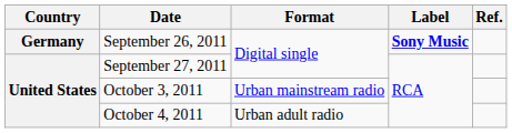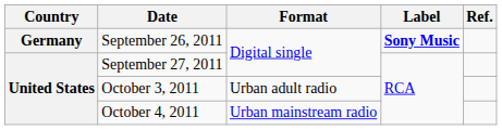 <table class="wikitable plainrowheaders">
 <tr>
 <th scope="col">Country</th>
 <th scope="col">Date</th>
 <th scope="col">Format</th>
 <th scope="col">Label</th>
 <th scope="col">Ref.</th>
 </tr>
 <tr>
 <th scope="row">Germany</th>
 <td>September 26, 2011</td>
 <td rowspan="2"><a href='#'>Digital single</a></td>
 <td><strong><a href='#'>Sony Music</a></strong></td>
 <td></td>
 </tr>
 <tr>
 <th scope="row" rowspan="3">United States</th>
 <td>September 27, 2011</td>
 <td rowspan="3"><a href='#'>RCA</a></td>
 <td></td>
 </tr>
 <tr>
 <td>October 3, 2011</td>
-<td><a href='#'>Urban mainstream radio</a></td>
+<td>Urban adult radio</td>
 <td></td>
 </tr>
 <tr>
 <td>October 4, 2011</td>
-<td>Urban adult radio</td>
+<td><a href='#'>Urban mainstream radio</a></td>
 <td></td>
 </tr>
 </table>
